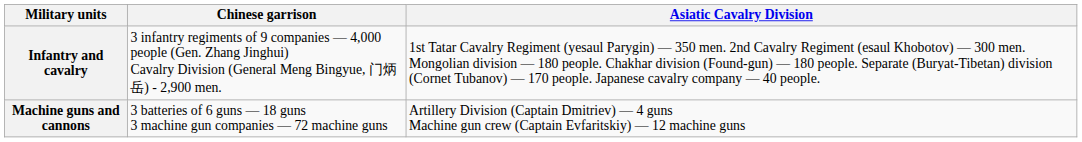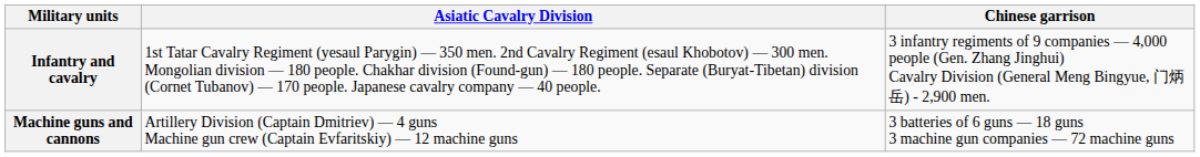 <table class="wikitable">
 <tr>
 <th rowspan="1">Military units</th>
+<th colspan="1"><a href='#'>Asiatic Cavalry Division</a></th>
 <th colspan="1">Chinese garrison</th>
-<th colspan="1"><a href='#'>Asiatic Cavalry Division</a></th>
 </tr>
 <tr>
 <th>Infantry and cavalry</th>
+<td>1st Tatar Cavalry Regiment (yesaul Parygin) — 350 men. 2nd Cavalry Regiment (esaul Khobotov) — 300 men.<br>Mongolian division — 180 people. Chakhar division (Found-gun) — 180 people. Separate (Buryat-Tibetan) division (Cornet Tubanov) — 170 people. Japanese cavalry company — 40 people.</td>
 <td>3 infantry regiments of 9 companies — 4,000 people (Gen. Zhang Jinghui)<br>Cavalry Division (General Meng Bingyue, 门炳岳) - 2,900 men.</td>
-<td>1st Tatar Cavalry Regiment (yesaul Parygin) — 350 men. 2nd Cavalry Regiment (esaul Khobotov) — 300 men.<br>Mongolian division — 180 people. Chakhar division (Found-gun) — 180 people. Separate (Buryat-Tibetan) division (Cornet Tubanov) — 170 people. Japanese cavalry company — 40 people.</td>
 </tr>
 <tr>
 <th>Machine guns and cannons</th>
+<td>Artillery Division (Captain Dmitriev) — 4 guns<br>Machine gun crew (Captain Evfaritskiy) — 12 machine guns</td>
 <td>3 batteries of 6 guns — 18 guns<br>3 machine gun companies — 72 machine guns</td>
-<td>Artillery Division (Captain Dmitriev) — 4 guns<br>Machine gun crew (Captain Evfaritskiy) — 12 machine guns</td>
 </tr>
 </table>
